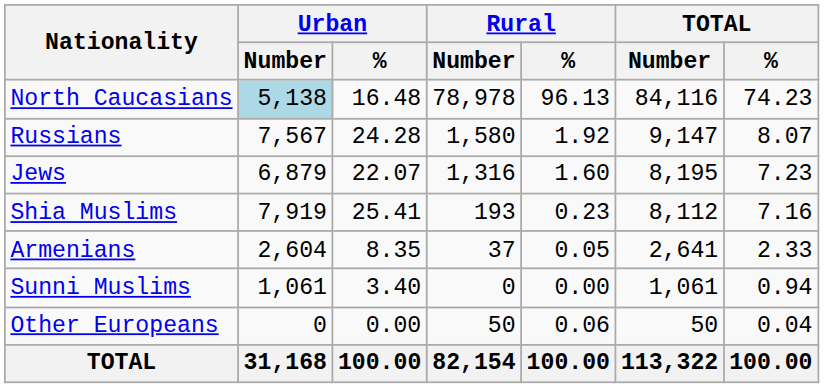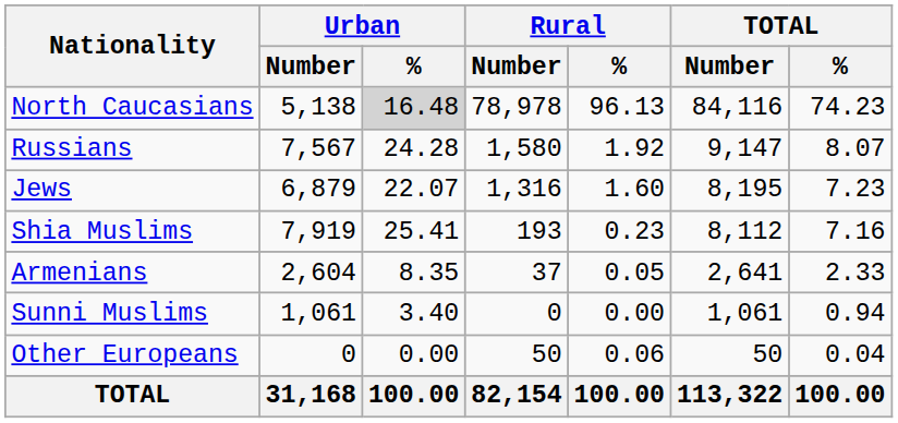 <table class="wikitable sortable">
 <tr>
 <th rowspan="2">Nationality</th>
 <th colspan="2"><a href='#'>Urban</a></th>
 <th colspan="2"><a href='#'>Rural</a></th>
 <th colspan="2">TOTAL</th>
 </tr>
 <tr>
 <th>Number</th>
 <th>%</th>
 <th>Number</th>
 <th>%</th>
 <th>Number</th>
 <th>%</th>
 </tr>
 <tr>
 <td><a href='#'>North Caucasians</a></td>
-<td align="right" style="background: lightblue;">5,138</td>
-<td align="right">16.48</td>
+<td align="right">5,138</td>
+<td align="right" style="background: lightgrey;">16.48</td>
 <td align="right">78,978</td>
 <td align="right">96.13</td>
 <td align="right">84,116</td>
 <td align="right">74.23</td>
 </tr>
 <tr>
 <td><a href='#'>Russians</a></td>
 <td align="right">7,567</td>
 <td align="right">24.28</td>
 <td align="right">1,580</td>
 <td align="right">1.92</td>
 <td align="right">9,147</td>
 <td align="right">8.07</td>
 </tr>
 <tr>
 <td><a href='#'>Jews</a></td>
 <td align="right">6,879</td>
 <td align="right">22.07</td>
 <td align="right">1,316</td>
 <td align="right">1.60</td>
 <td align="right">8,195</td>
 <td align="right">7.23</td>
 </tr>
 <tr>
 <td><a href='#'>Shia Muslims</a></td>
 <td align="right">7,919</td>
 <td align="right">25.41</td>
 <td align="right">193</td>
 <td align="right">0.23</td>
 <td align="right">8,112</td>
 <td align="right">7.16</td>
 </tr>
 <tr>
 <td><a href='#'>Armenians</a></td>
 <td align="right">2,604</td>
 <td align="right">8.35</td>
 <td align="right">37</td>
 <td align="right">0.05</td>
 <td align="right">2,641</td>
 <td align="right">2.33</td>
 </tr>
 <tr>
 <td><a href='#'>Sunni Muslims</a></td>
 <td align="right">1,061</td>
 <td align="right">3.40</td>
 <td align="right">0</td>
 <td align="right">0.00</td>
 <td align="right">1,061</td>
 <td align="right">0.94</td>
 </tr>
 <tr>
 <td><a href='#'>Other Europeans</a></td>
 <td align="right">0</td>
 <td align="right">0.00</td>
 <td align="right">50</td>
 <td align="right">0.06</td>
 <td align="right">50</td>
 <td align="right">0.04</td>
 </tr>
 <tr>
 <th>TOTAL</th>
 <th>31,168</th>
 <th>100.00</th>
 <th>82,154</th>
 <th>100.00</th>
 <th>113,322</th>
 <th>100.00</th>
 </tr>
 </table>
